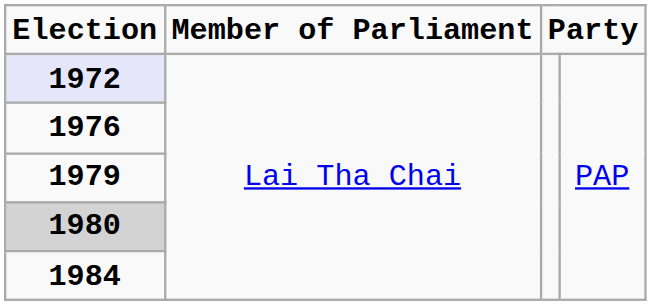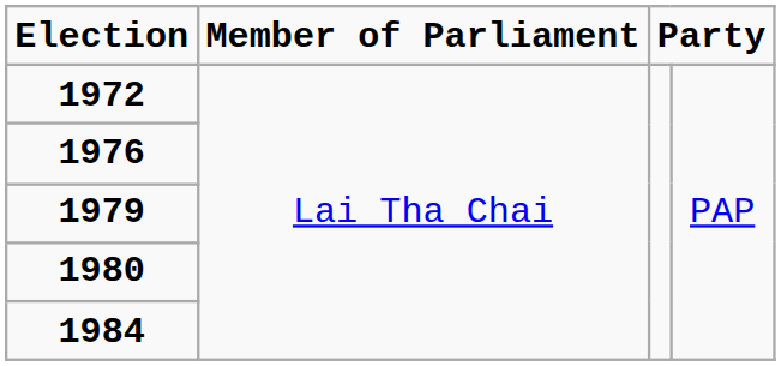 <table class="wikitable" align="center" style="text-align:center">
 <tr>
 <td><strong>Election </strong></td>
 <td><strong>Member of Parliament</strong></td>
 <td colspan="2"><strong>Party</strong></td>
 </tr>
 <tr>
-<td style="background: lavender;"><strong>1972</strong></td>
+<td><strong>1972</strong></td>
 <td rowspan="5"><a href='#'>Lai Tha Chai</a></td>
 <td rowspan="5"></td>
 <td rowspan="5"><a href='#'>PAP</a></td>
 </tr>
 <tr>
 <td><strong>1976</strong></td>
 </tr>
 <tr>
 <td><strong>1979</strong></td>
 </tr>
 <tr>
-<td style="background: lightgrey;"><strong>1980</strong></td>
+<td><strong>1980</strong></td>
 </tr>
 <tr>
 <td><strong>1984</strong></td>
 </tr>
 </table>
